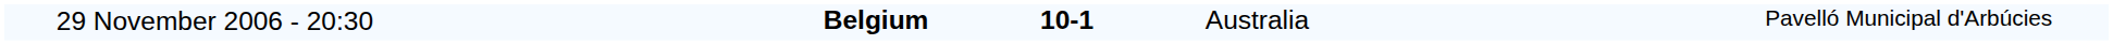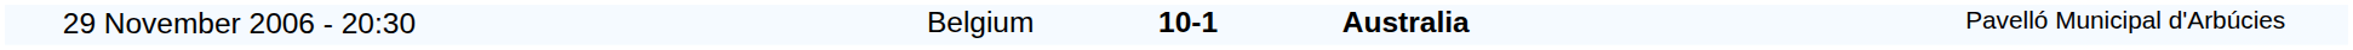 <table style="width: 100%; background:#F5FAFF;" cellspacing="0">
 <tr>
 <td align=center rowspan=3 width=20%>29 November 2006 - 20:30</td>
 </tr>
 <tr>
-<td width=24% align=right><strong>Belgium </strong></td>
+<td width=24% align=right>Belgium </td>
 <td align=center width=13%><strong>10-1</strong></td>
-<td width=24%> Australia</td>
+<td width=24%><strong> Australia</strong></td>
 <td style=font-size:85% rowspan=3 valign=top align=center>Pavelló Municipal d'Arbúcies</td>
 </tr>
 <tr style=font-size:85%>
 <td align=right valign=top></td>
 <td></td>
 <td></td>
 </tr>
 </table>
